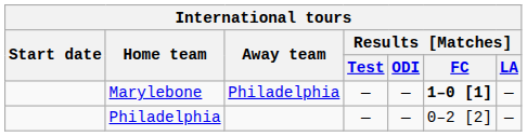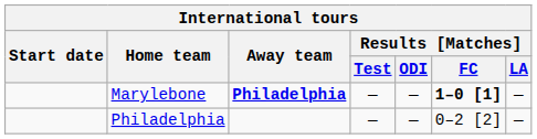 <table class="wikitable">
 <tr>
 <th colspan="7">International tours</th>
 </tr>
 <tr>
 <th rowspan="2">Start date</th>
 <th rowspan="2">Home team</th>
 <th rowspan="2">Away team</th>
 <th colspan="4">Results [Matches]</th>
 </tr>
 <tr>
 <th><a href='#'>Test</a></th>
 <th><a href='#'>ODI</a></th>
 <th><a href='#'>FC</a></th>
 <th><a href='#'>LA</a></th>
 </tr>
 <tr>
 <td><a href='#'></a></td>
 <td><a href='#'>Marylebone</a></td>
-<td> <a href='#'>Philadelphia</a></td>
+<td><strong> <a href='#'>Philadelphia</a></strong></td>
 <td ; style="text-align:center">—</td>
 <td ; style="text-align:center">—</td>
 <td><strong>1–0 [1]</strong></td>
 <td ; style="text-align:center">—</td>
 </tr>
 <tr>
 <td><a href='#'></a></td>
 <td> <a href='#'>Philadelphia</a></td>
 <td></td>
 <td ; style="text-align:center">—</td>
 <td ; style="text-align:center">—</td>
 <td>0–2 [2]</td>
 <td ; style="text-align:center">—</td>
 </tr>
 </table>
